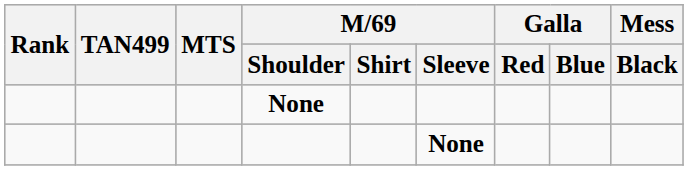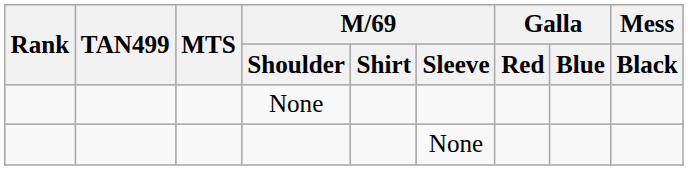 <table class="wikitable" style="text-align:center;">
 <tr>
 <th rowspan=2>Rank<br></th>
 <th rowspan=2>TAN499</th>
 <th rowspan=2>MTS</th>
 <th colspan=3>M/69</th>
 <th colspan=2>Galla</th>
 <th colspan=2>Mess</th>
 </tr>
 <tr>
 <th>Shoulder</th>
 <th>Shirt</th>
 <th>Sleeve</th>
 <th>Red</th>
 <th>Blue</th>
 <th>Black</th>
 </tr>
 <tr>
 <td></td>
 <td></td>
 <td></td>
-<td><strong>None</strong></td>
+<td>None</td>
 <td></td>
 <td></td>
 <td></td>
 <td></td>
 <td></td>
 </tr>
 <tr>
 <td></td>
 <td></td>
 <td></td>
 <td></td>
 <td></td>
-<td><strong>None</strong></td>
+<td>None</td>
 <td></td>
 <td></td>
 <td></td>
 </tr>
 </table>
